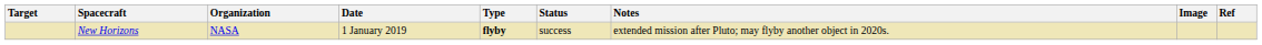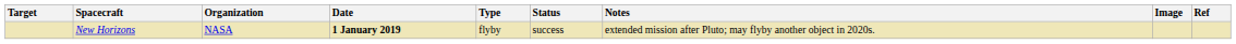 <table class="wikitable" style="margin: 1em auto 1em auto; width:90%; font-size:95%;">
 <tr>
 <th style="text-align:left">Target</th>
 <th colspan="2" style="text-align:left">Spacecraft</th>
 <th style="text-align:left">Organization</th>
 <th style="text-align:left">Date</th>
 <th style="text-align:left">Type</th>
 <th style="text-align:left">Status</th>
 <th style="text-align:left">Notes</th>
 <th style="width:50px; text-align:left;">Image</th>
 <th style="width:50px; text-align:left;">Ref</th>
 </tr>
 <tr style="background:#EFE7B8">
 <td></td>
 <td colspan="2"><em><a href='#'>New Horizons</a></em></td>
 <td> <a href='#'>NASA</a></td>
-<td>1 January 2019</td>
-<td><strong>flyby</strong></td>
+<td><strong>1 January 2019</strong></td>
+<td>flyby</td>
 <td>success</td>
 <td>extended mission after Pluto; may flyby another object in 2020s.</td>
 <td></td>
 <td><br></td>
 </tr>
 </table>
